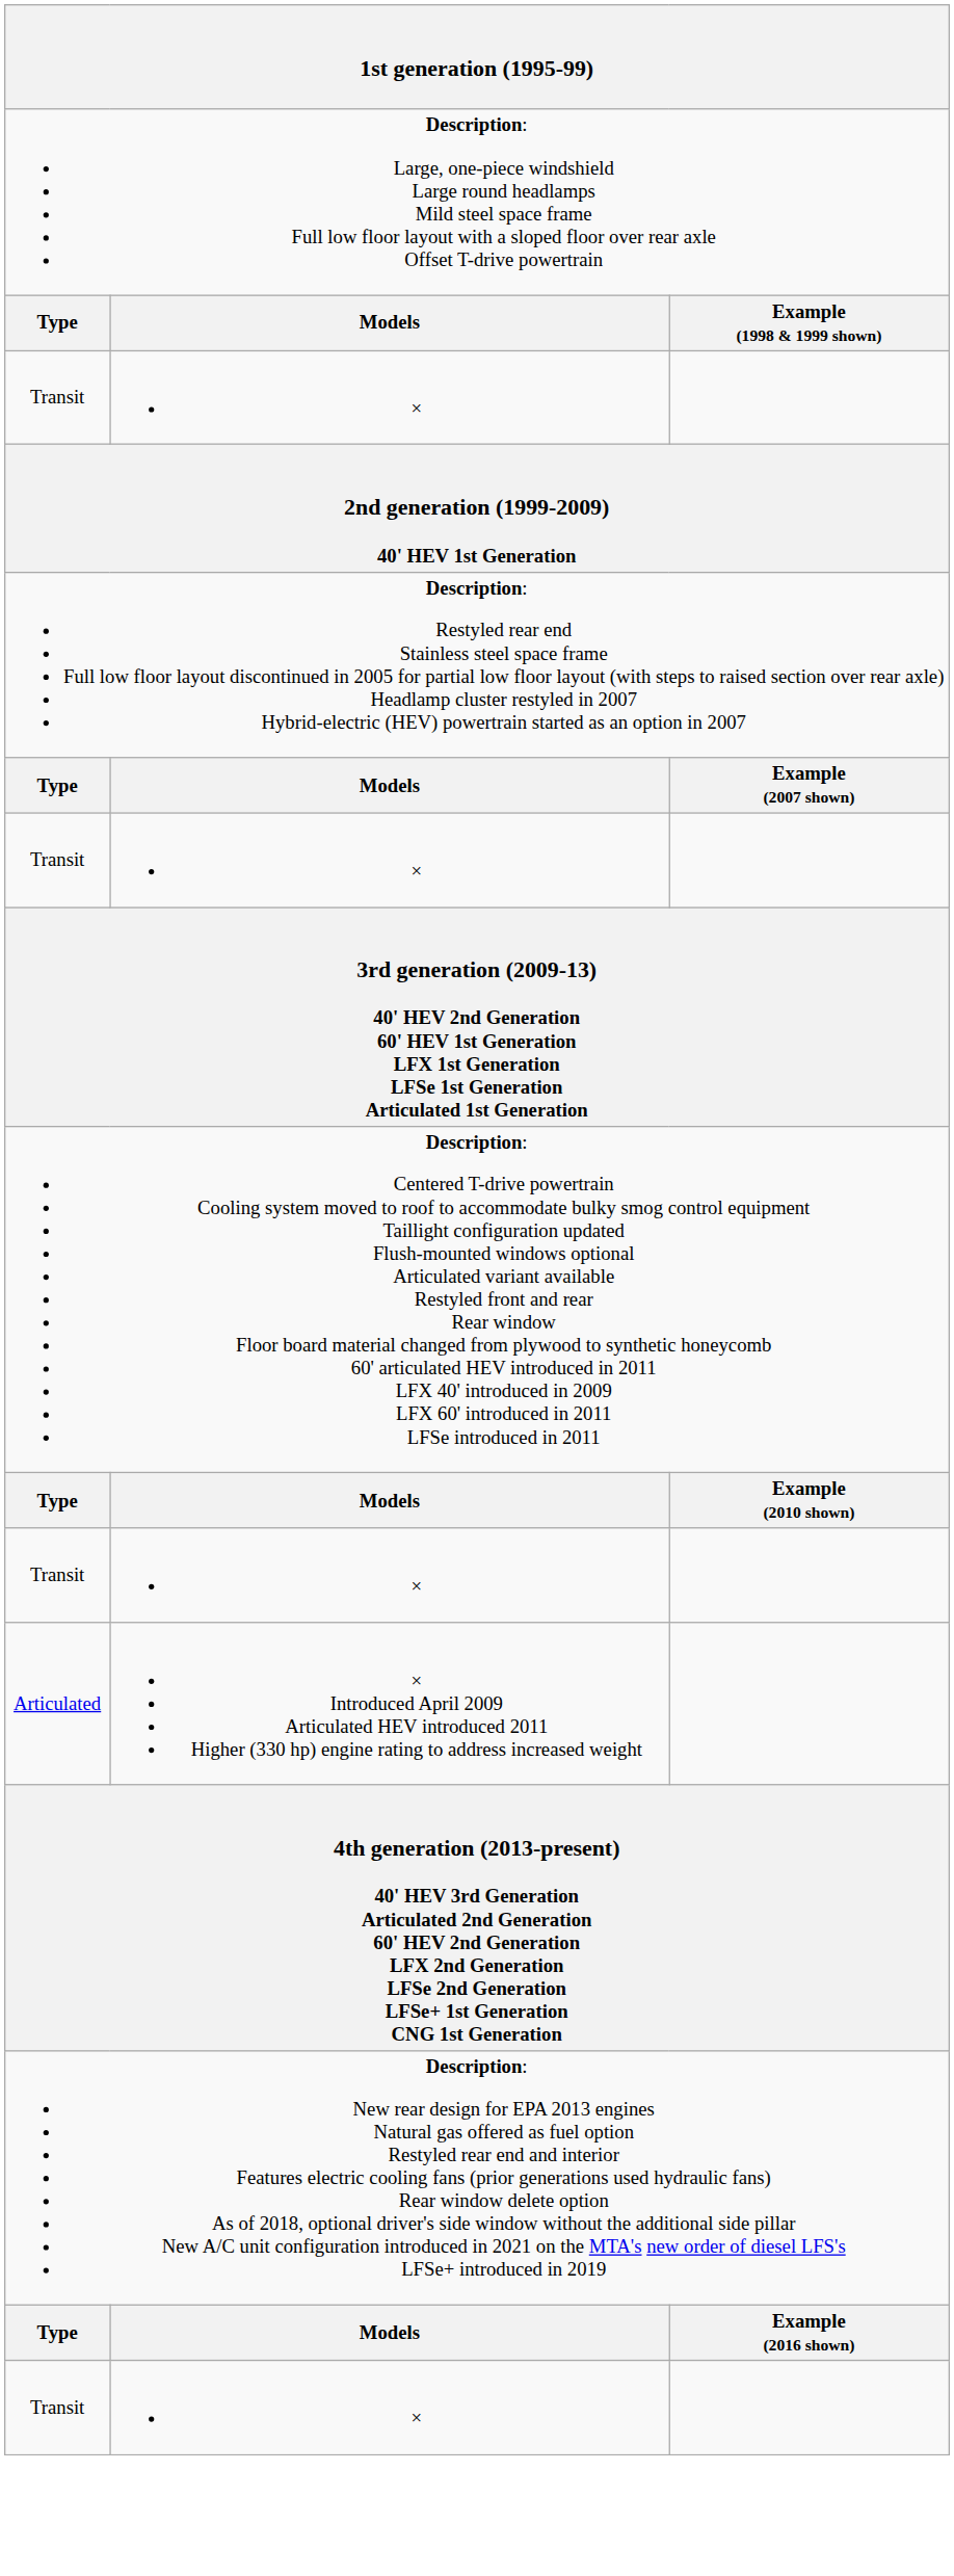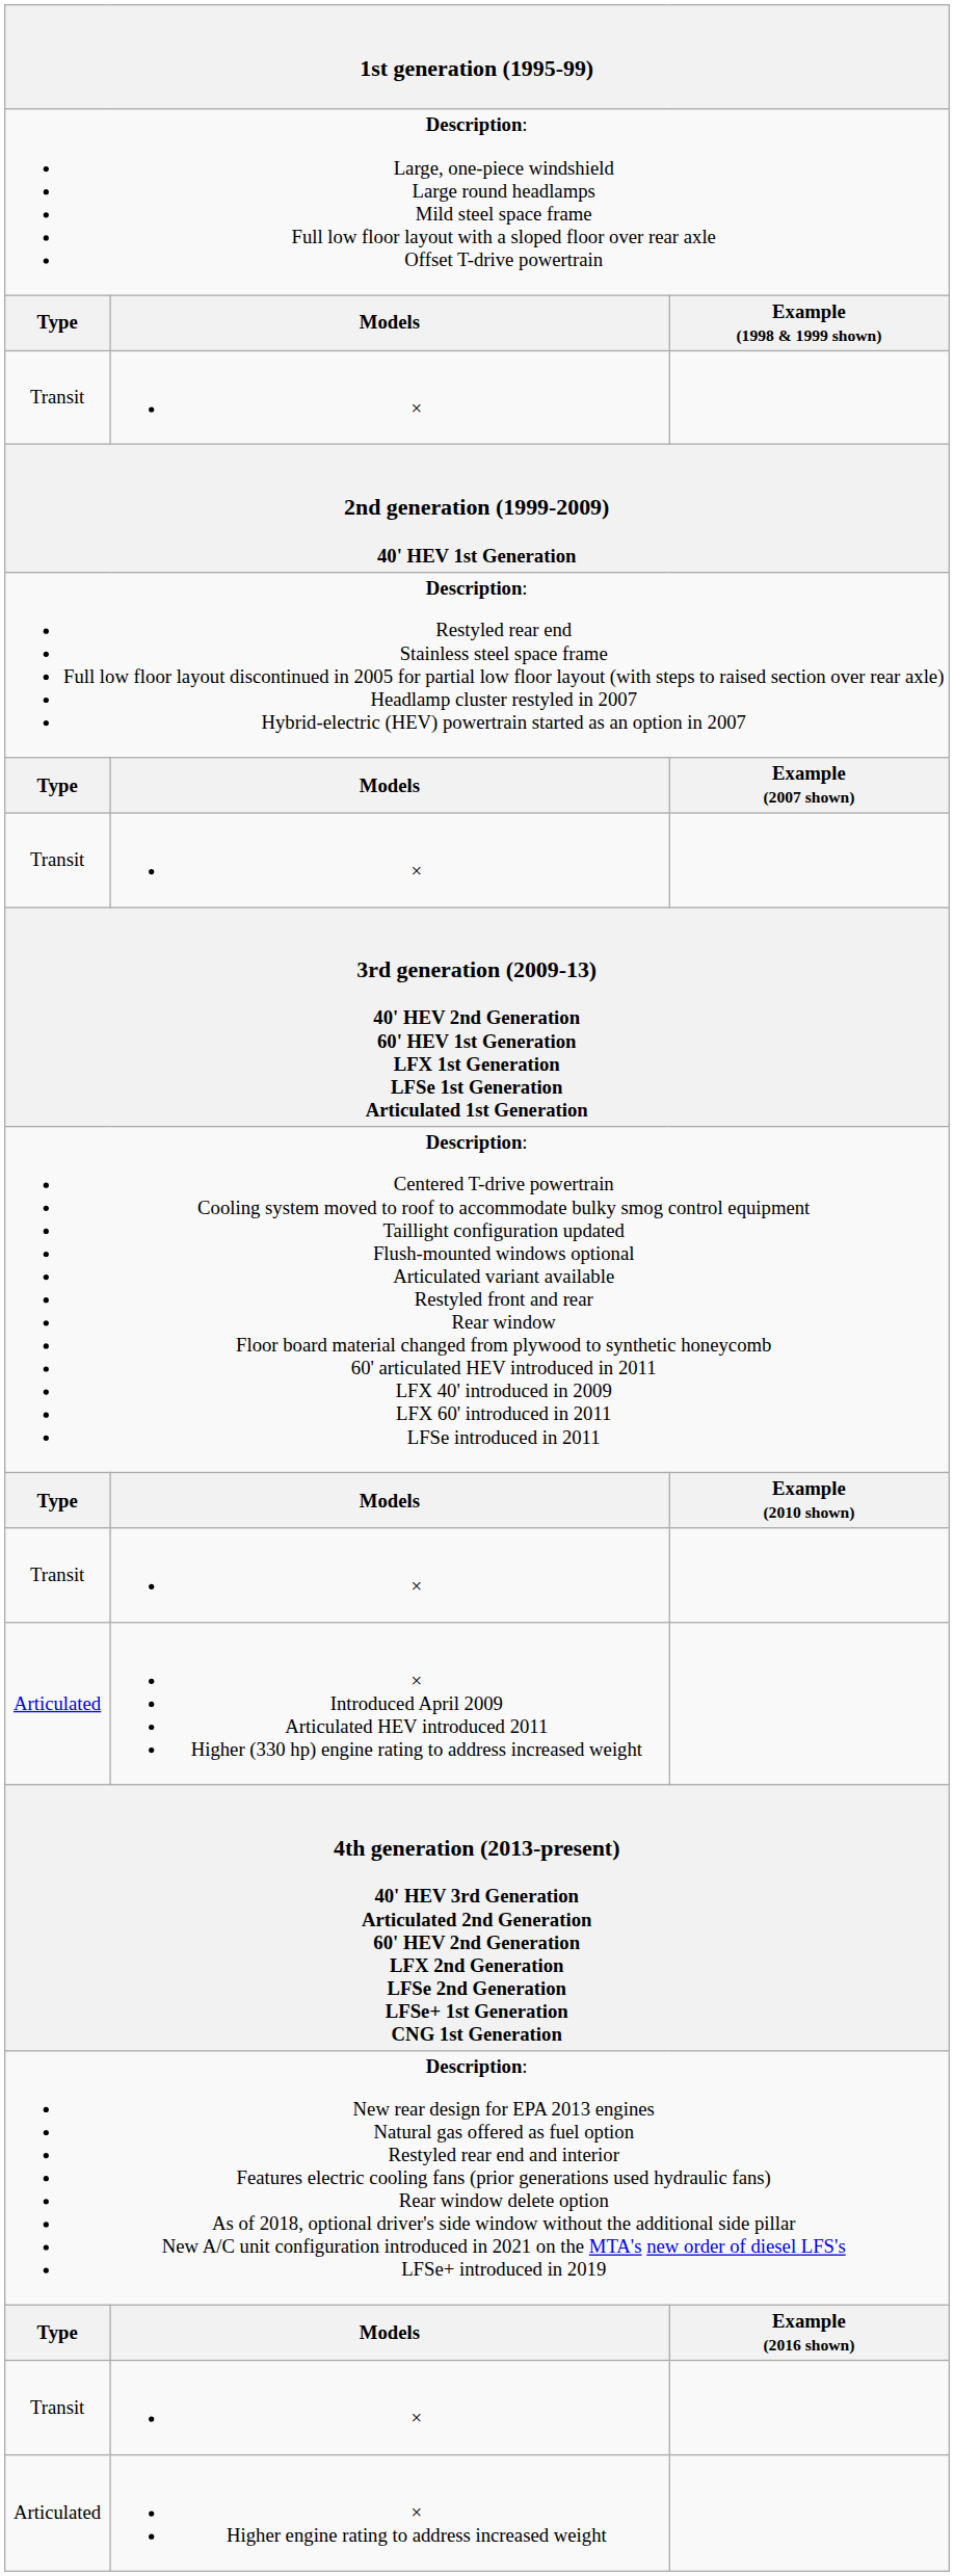 <table class="wikitable" style="font-size:90%;">
 <tr align="center">
 <th colspan=3><br><h3>1st generation (1995-99)</h3></th>
 </tr>
 <tr align="center">
 <td colspan=3><strong>Description</strong>:<br><ul><li>Large, one-piece windshield</li><li>Large round headlamps</li><li>Mild steel space frame</li><li>Full low floor layout with a sloped floor over rear axle</li><li>Offset T-drive powertrain</li></ul></td>
 </tr>
 <tr align="center">
 <th>Type</th>
 <th>Models</th>
 <th>Example<br><small>(1998 & 1999 shown)</small></th>
 </tr>
 <tr align="center">
 <td>Transit</td>
 <td><br><ul><li> × </li></ul></td>
 <td></td>
 </tr>
 <tr align="center">
 <th colspan=3><br><h3>2nd generation (1999-2009)</h3>40' HEV 1st Generation</th>
 </tr>
 <tr align="center">
 <td colspan=3><strong>Description</strong>:<br><ul><li>Restyled rear end</li><li>Stainless steel space frame</li><li>Full low floor layout discontinued in 2005 for partial low floor layout (with steps to raised section over rear axle)</li><li>Headlamp cluster restyled in 2007</li><li>Hybrid-electric (HEV) powertrain started as an option in 2007</li></ul></td>
 </tr>
 <tr align="center">
 <th>Type</th>
 <th>Models</th>
 <th>Example<br><small>(2007 shown)</small></th>
 </tr>
 <tr align="center">
 <td>Transit</td>
 <td><br><ul><li> × </li></ul></td>
 <td></td>
 </tr>
 <tr align="center">
 <th colspan=3><br><h3>3rd generation (2009-13)</h3>40' HEV 2nd Generation<br>60' HEV 1st Generation<br>LFX 1st Generation<br>LFSe 1st Generation<br>Articulated 1st Generation</th>
 </tr>
 <tr align="center">
 <td colspan=3><strong>Description</strong>:<br><ul><li>Centered T-drive powertrain</li><li>Cooling system moved to roof to accommodate bulky smog control equipment</li><li>Taillight configuration updated</li><li>Flush-mounted windows optional</li><li>Articulated variant available</li><li>Restyled front and rear</li><li>Rear window</li><li>Floor board material changed from plywood to synthetic honeycomb</li><li>60' articulated HEV introduced in 2011</li><li>LFX 40' introduced in 2009</li><li>LFX 60' introduced in 2011</li><li>LFSe introduced in 2011</li></ul></td>
 </tr>
 <tr align="center">
 <th>Type</th>
 <th>Models</th>
 <th>Example<br><small>(2010 shown)</small></th>
 </tr>
 <tr align="center">
 <td>Transit</td>
 <td><br><ul><li> × </li></ul></td>
 <td></td>
 </tr>
 <tr align="center">
 <td><a href='#'>Articulated</a></td>
 <td><br><ul><li> × </li><li>Introduced April 2009</li><li>Articulated HEV introduced 2011</li><li>Higher (330 hp) engine rating to address increased weight</li></ul></td>
 <td></td>
 </tr>
 <tr align="center">
 <th colspan=3><br><h3>4th generation (2013-present)</h3>40' HEV 3rd Generation<br>Articulated 2nd Generation<br>60' HEV 2nd Generation<br>LFX 2nd Generation<br>LFSe 2nd Generation<br>LFSe+ 1st Generation<br>CNG 1st Generation</th>
 </tr>
 <tr align="center">
 <td colspan=3><strong>Description</strong>:<br><ul><li>New rear design for EPA 2013 engines</li><li>Natural gas offered as fuel option</li><li>Restyled rear end and interior</li><li>Features electric cooling fans (prior generations used hydraulic fans)</li><li>Rear window delete option</li><li>As of 2018, optional driver's side window without the additional side pillar</li><li>New A/C unit configuration introduced in 2021 on the <a href='#'>MTA's</a> <a href='#'>new order of diesel LFS's</a></li><li>LFSe+ introduced in 2019</li></ul></td>
 </tr>
 <tr align="center">
 <th>Type</th>
 <th>Models</th>
 <th style="width:200px;">Example<br><small>(2016 shown)</small></th>
 </tr>
 <tr align="center">
 <td>Transit</td>
 <td><br><ul><li> × </li></ul></td>
 <td></td>
 </tr>
+<tr align="center">
+<td>Articulated</td>
+<td><br><ul><li> × </li><li>Higher engine rating to address increased weight</li></ul></td>
+<td></td>
+</tr>
 </table>
